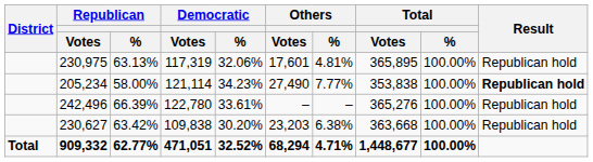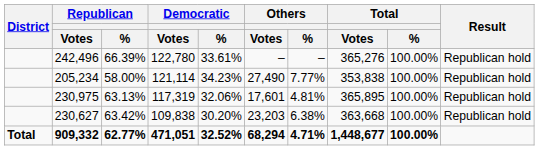 <table class="wikitable plainrowheaders sortable" style="font-size:100%; text-align:right;">
 <tr>
 <th scope=col rowspan=3><a href='#'>District</a></th>
 <th scope=col colspan=2><a href='#'>Republican</a></th>
 <th scope=col colspan=2><a href='#'>Democratic</a></th>
 <th scope=col colspan=2>Others</th>
 <th scope=col colspan=2>Total</th>
 <th scope=col rowspan=3>Result</th>
 </tr>
 <tr>
 <th scope=col colspan=2 style="background:"></th>
 <th scope=col colspan=2 style="background:"></th>
 <th scope=col colspan=2></th>
 <th scope=col colspan=2></th>
 </tr>
 <tr>
 <th scope=col data-sort-type="number">Votes</th>
 <th scope=col data-sort-type="number">%</th>
 <th scope=col data-sort-type="number">Votes</th>
 <th scope=col data-sort-type="number">%</th>
 <th scope=col data-sort-type="number">Votes</th>
 <th scope=col data-sort-type="number">%</th>
 <th scope=col data-sort-type="number">Votes</th>
 <th scope=col data-sort-type="number">%</th>
 </tr>
 <tr>
 <td align=left></td>
-<td>230,975</td>
-<td>63.13%</td>
-<td>117,319</td>
-<td>32.06%</td>
-<td>17,601</td>
-<td>4.81%</td>
-<td>365,895</td>
+<td>242,496</td>
+<td>66.39%</td>
+<td>122,780</td>
+<td>33.61%</td>
+<td>–</td>
+<td>–</td>
+<td>365,276</td>
 <td>100.00%</td>
 <td align=left>Republican hold</td>
 </tr>
 <tr>
 <td align=left></td>
 <td>205,234</td>
 <td>58.00%</td>
 <td>121,114</td>
 <td>34.23%</td>
 <td>27,490</td>
 <td>7.77%</td>
 <td>353,838</td>
 <td>100.00%</td>
-<td align=left><strong>Republican hold</strong></td>
+<td align=left>Republican hold</td>
 </tr>
 <tr>
 <td align=left></td>
-<td>242,496</td>
-<td>66.39%</td>
-<td>122,780</td>
-<td>33.61%</td>
-<td>–</td>
-<td>–</td>
-<td>365,276</td>
+<td>230,975</td>
+<td>63.13%</td>
+<td>117,319</td>
+<td>32.06%</td>
+<td>17,601</td>
+<td>4.81%</td>
+<td>365,895</td>
 <td>100.00%</td>
 <td align=left>Republican hold</td>
 </tr>
 <tr>
 <td align=left></td>
 <td>230,627</td>
 <td>63.42%</td>
 <td>109,838</td>
 <td>30.20%</td>
 <td>23,203</td>
 <td>6.38%</td>
 <td>363,668</td>
 <td>100.00%</td>
 <td align=left>Republican hold</td>
 </tr>
 <tr class="sortbottom" style="font-weight:bold">
 <td align=left>Total</td>
 <td>909,332</td>
 <td>62.77%</td>
 <td>471,051</td>
 <td>32.52%</td>
 <td>68,294</td>
 <td>4.71%</td>
 <td>1,448,677</td>
 <td>100.00%</td>
 <td></td>
 </tr>
 </table>
